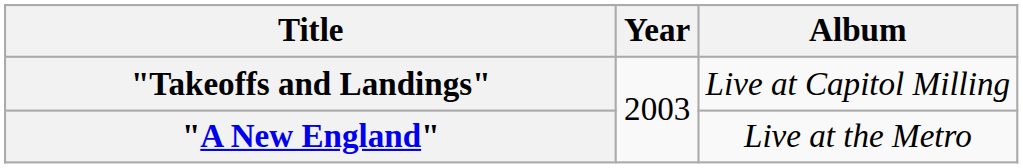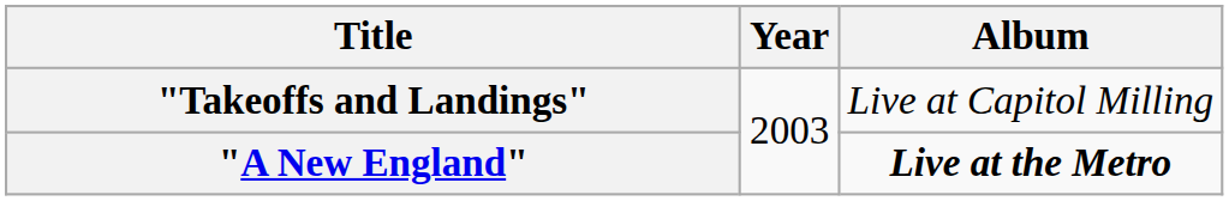 <table class="wikitable plainrowheaders" style="text-align:center;">
 <tr>
 <th scope="col" style="width:18em;">Title</th>
 <th scope="col">Year</th>
 <th scope="col">Album</th>
 </tr>
 <tr>
 <th scope="row">"Takeoffs and Landings"</th>
 <td rowspan="2">2003</td>
 <td><em>Live at Capitol Milling</em></td>
 </tr>
 <tr>
 <th scope="row">"<a href='#'>A New England</a>"</th>
-<td><em>Live at the Metro</em></td>
+<td><strong><em>Live at the Metro</em></strong></td>
 </tr>
 </table>
